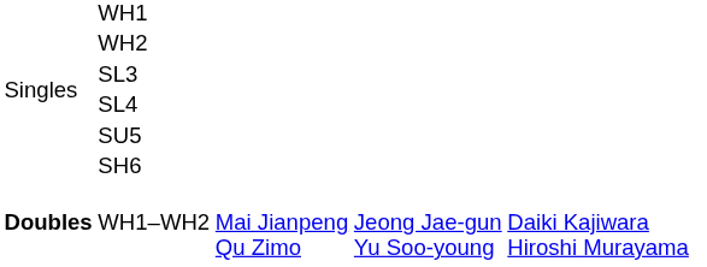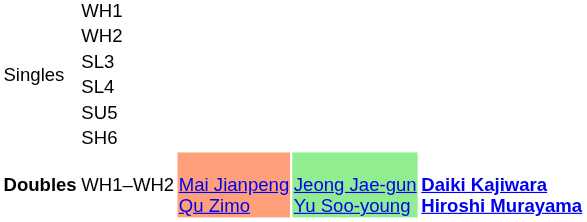 <table>
 <tr>
 <td rowspan=6>Singles</td>
 <td>WH1<br></td>
 <td></td>
 <td></td>
 <td></td>
 </tr>
 <tr>
 <td>WH2<br></td>
 <td></td>
 <td></td>
 <td></td>
 </tr>
 <tr>
 <td>SL3<br></td>
 <td></td>
 <td></td>
 <td></td>
 </tr>
 <tr>
 <td>SL4<br></td>
 <td></td>
 <td></td>
 <td></td>
 </tr>
 <tr>
 <td>SU5<br></td>
 <td></td>
 <td></td>
 <td></td>
 </tr>
 <tr>
 <td>SH6<br></td>
 <td></td>
 <td></td>
 <td></td>
 </tr>
 <tr>
 <td><strong>Doubles</strong></td>
 <td>WH1–WH2<br></td>
-<td><br><a href='#'>Mai Jianpeng</a><br><a href='#'>Qu Zimo</a></td>
-<td><br><a href='#'>Jeong Jae-gun</a><br><a href='#'>Yu Soo-young</a></td>
-<td><br><a href='#'>Daiki Kajiwara</a><br><a href='#'>Hiroshi Murayama</a></td>
+<td style="background: lightsalmon;"><br><a href='#'>Mai Jianpeng</a><br><a href='#'>Qu Zimo</a></td>
+<td style="background: lightgreen;"><br><a href='#'>Jeong Jae-gun</a><br><a href='#'>Yu Soo-young</a></td>
+<td><strong><br><a href='#'>Daiki Kajiwara</a><br><a href='#'>Hiroshi Murayama</a></strong></td>
 </tr>
 </table>
